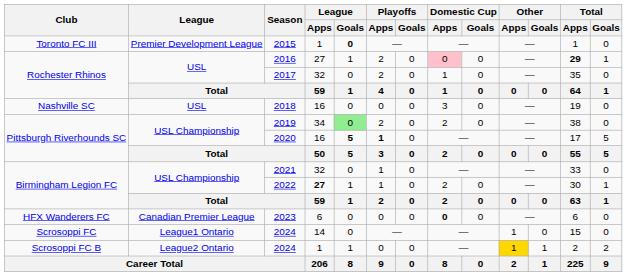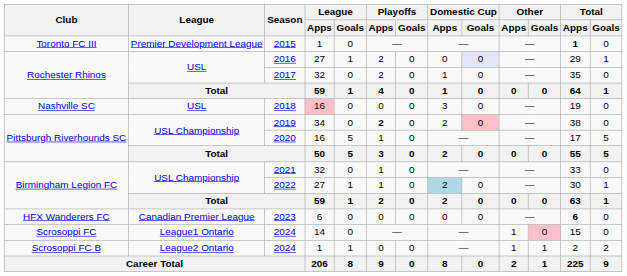 <table class="wikitable" style="text-align: center;">
 <tr>
 <th rowspan="2">Club</th>
 <th rowspan="2">League</th>
 <th rowspan="2">Season</th>
 <th colspan="2">League</th>
 <th colspan="2">Playoffs</th>
 <th colspan="2">Domestic Cup</th>
 <th colspan="2">Other</th>
 <th colspan="2">Total</th>
 </tr>
 <tr>
 <th>Apps</th>
 <th>Goals</th>
 <th>Apps</th>
 <th>Goals</th>
 <th>Apps</th>
 <th>Goals</th>
 <th>Apps</th>
 <th>Goals</th>
 <th>Apps</th>
 <th>Goals</th>
 </tr>
 <tr>
 <td><a href='#'>Toronto FC III</a></td>
 <td><a href='#'>Premier Development League</a></td>
 <td><a href='#'>2015</a></td>
 <td>1</td>
-<td><strong>0</strong></td>
+<td>0</td>
 <td colspan=2>—</td>
 <td colspan=2>—</td>
 <td colspan=2>—</td>
-<td>1</td>
+<td><strong>1</strong></td>
 <td>0</td>
 </tr>
 <tr>
 <td rowspan="3"><a href='#'>Rochester Rhinos</a></td>
 <td rowspan="2"><a href='#'>USL</a></td>
 <td><a href='#'>2016</a></td>
 <td>27</td>
 <td>1</td>
 <td>2</td>
 <td>0</td>
-<td style="background: pink;">0</td>
 <td>0</td>
+<td style="background: lavender;">0</td>
 <td colspan=2>—</td>
-<td><strong>29</strong></td>
+<td>29</td>
 <td>1</td>
 </tr>
 <tr>
 <td><a href='#'>2017</a></td>
 <td>32</td>
 <td>0</td>
 <td>2</td>
 <td>0</td>
 <td>1</td>
 <td>0</td>
 <td colspan=2>—</td>
 <td>35</td>
 <td>0</td>
 </tr>
 <tr>
 <th colspan="2">Total</th>
 <th>59</th>
 <th>1</th>
 <th>4</th>
 <th>0</th>
 <th>1</th>
 <th>0</th>
 <th>0</th>
 <th>0</th>
 <th>64</th>
 <th>1</th>
 </tr>
 <tr>
 <td><a href='#'>Nashville SC</a></td>
 <td><a href='#'>USL</a></td>
 <td><a href='#'>2018</a></td>
-<td>16</td>
+<td style="background: pink;">16</td>
 <td>0</td>
 <td>0</td>
 <td>0</td>
 <td>3</td>
 <td>0</td>
 <td colspan=2>—</td>
 <td>19</td>
 <td>0</td>
 </tr>
 <tr>
 <td rowspan="3"><a href='#'>Pittsburgh Riverhounds SC</a></td>
 <td rowspan="2"><a href='#'>USL Championship</a></td>
 <td><a href='#'>2019</a></td>
 <td>34</td>
-<td style="background: lightgreen;">0</td>
-<td>2</td>
+<td>0</td>
+<td><strong>2</strong></td>
 <td>0</td>
 <td>2</td>
-<td>0</td>
+<td style="background: pink;">0</td>
 <td colspan=2>—</td>
 <td>38</td>
 <td>0</td>
 </tr>
 <tr>
 <td><a href='#'>2020</a></td>
 <td>16</td>
-<td><strong>5</strong></td>
-<td><strong>1</strong></td>
+<td>5</td>
+<td>1</td>
 <td>0</td>
 <td colspan=2>—</td>
 <td colspan=2>—</td>
 <td>17</td>
 <td>5</td>
 </tr>
 <tr>
 <th colspan="2">Total</th>
 <th>50</th>
 <th>5</th>
 <th>3</th>
 <th>0</th>
 <th>2</th>
 <th>0</th>
 <th>0</th>
 <th>0</th>
 <th>55</th>
 <th>5</th>
 </tr>
 <tr>
 <td rowspan="3"><a href='#'>Birmingham Legion FC</a></td>
 <td rowspan="2"><a href='#'>USL Championship</a></td>
 <td><a href='#'>2021</a></td>
 <td>32</td>
 <td>0</td>
 <td>1</td>
 <td>0</td>
 <td colspan=2>—</td>
 <td colspan=2>—</td>
 <td>33</td>
 <td>0</td>
 </tr>
 <tr>
 <td><a href='#'>2022</a></td>
-<td><strong>27</strong></td>
+<td>27</td>
 <td>1</td>
 <td>1</td>
 <td>0</td>
-<td>2</td>
+<td style="background: lightblue;">2</td>
 <td>0</td>
 <td colspan=2>—</td>
 <td>30</td>
 <td>1</td>
 </tr>
 <tr>
 <th colspan="2">Total</th>
 <th>59</th>
 <th>1</th>
 <th>2</th>
 <th>0</th>
 <th>2</th>
 <th>0</th>
 <th>0</th>
 <th>0</th>
 <th>63</th>
 <th>1</th>
 </tr>
 <tr>
 <td><a href='#'>HFX Wanderers FC</a></td>
 <td><a href='#'>Canadian Premier League</a></td>
 <td><a href='#'>2023</a></td>
 <td>6</td>
 <td>0</td>
 <td>0</td>
 <td>0</td>
-<td><strong>0</strong></td>
+<td>0</td>
 <td>0</td>
 <td colspan=2>—</td>
-<td>6</td>
+<td><strong>6</strong></td>
 <td>0</td>
 </tr>
 <tr>
 <td><a href='#'>Scrosoppi FC</a></td>
 <td><a href='#'>League1 Ontario</a></td>
 <td><a href='#'>2024</a></td>
 <td>14</td>
 <td>0</td>
 <td colspan=2>—</td>
 <td colspan=2>—</td>
 <td>1</td>
-<td>0</td>
+<td style="background: pink;">0</td>
 <td>15</td>
 <td>0</td>
 </tr>
 <tr>
 <td><a href='#'>Scrosoppi FC B</a></td>
 <td><a href='#'>League2 Ontario</a></td>
 <td><a href='#'>2024</a></td>
 <td>1</td>
 <td>1</td>
 <td>0</td>
 <td>0</td>
 <td colspan=2>—</td>
-<td style="background: gold;">1</td>
+<td>1</td>
 <td>1</td>
 <td>2</td>
 <td>2</td>
 </tr>
 <tr>
 <th colspan="3">Career Total</th>
 <th>206</th>
 <th>8</th>
 <th>9</th>
 <th>0</th>
 <th>8</th>
 <th>0</th>
 <th>2</th>
 <th>1</th>
 <th>225</th>
 <th>9</th>
 </tr>
 </table>
